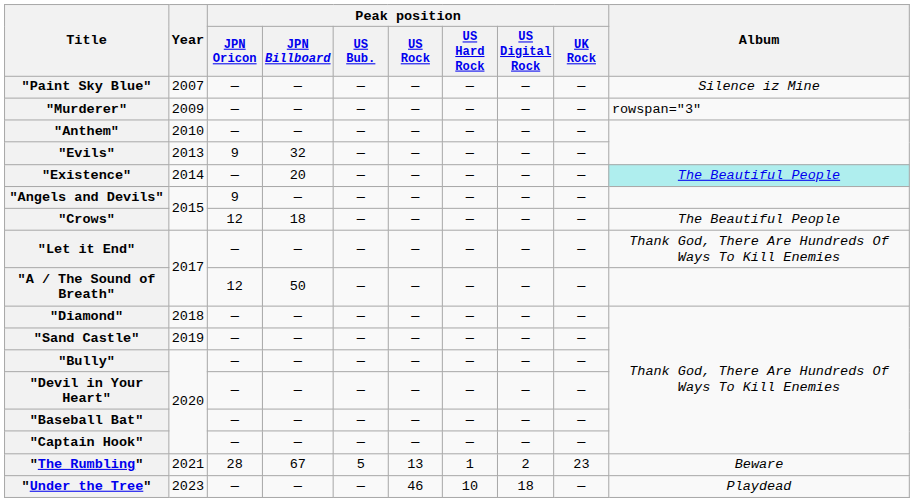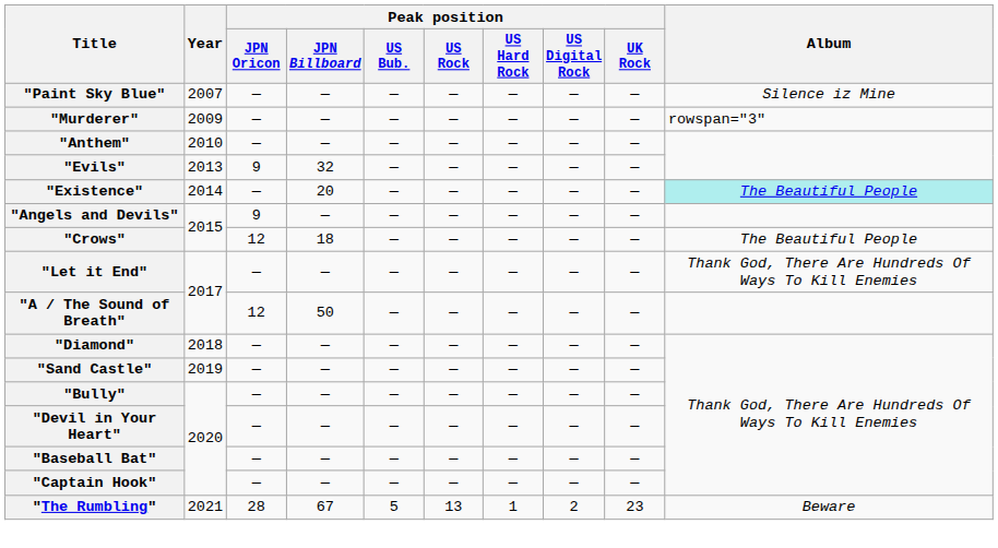 <table class="wikitable plainrowheaders">
 <tr>
 <th scope="col" rowspan="2">Title</th>
 <th scope="col" rowspan="2">Year</th>
 <th colspan="7">Peak position</th>
 <th scope="col" rowspan="2">Album</th>
 </tr>
 <tr>
 <th scope="col" style="width:4em;font-size:90%;"><a href='#'>JPN <br>Oricon</a><br></th>
 <th scope="col" style="width:4em;font-size:90%;"><a href='#'>JPN<br><em>Billboard</em></a><br></th>
 <th scope="col" style="width:4em;font-size:90%;"><a href='#'>US<br>Bub.</a><br></th>
 <th scope="col" style="width:4em;font-size:90%;"><a href='#'>US Rock</a><br></th>
 <th scope="col" style="width:4em;font-size:90%;"><a href='#'>US Hard Rock</a><br></th>
 <th scope="col" style="width:4em;font-size:90%;"><a href='#'>US Digital Rock</a><br></th>
 <th scope="col" style="width:4em;font-size:90%;"><a href='#'>UK Rock</a><br></th>
 </tr>
 <tr>
 <th scope="row">"Paint Sky Blue"</th>
 <td align="center">2007</td>
 <td align="center">—</td>
 <td align="center">—</td>
 <td align="center">—</td>
 <td align="center">—</td>
 <td align="center">—</td>
 <td align="center">—</td>
 <td align="center">—</td>
 <td rowspan="1" align="center"><em>Silence iz Mine</em></td>
 </tr>
 <tr>
 <th scope="row">"Murderer"</th>
 <td align="center">2009</td>
 <td align="center">—</td>
 <td align="center">—</td>
 <td align="center">—</td>
 <td align="center">—</td>
 <td align="center">—</td>
 <td align="center">—</td>
 <td align="center">—</td>
 <td>rowspan="3" </td>
 </tr>
 <tr>
 <th scope="row">"Anthem"</th>
 <td align="center">2010</td>
 <td align="center">—</td>
 <td align="center">—</td>
 <td align="center">—</td>
 <td align="center">—</td>
 <td align="center">—</td>
 <td align="center">—</td>
 <td align="center">—</td>
 </tr>
 <tr>
 <th scope="row">"Evils"</th>
 <td align="center">2013</td>
 <td align="center">9</td>
 <td align="center">32</td>
 <td align="center">—</td>
 <td align="center">—</td>
 <td align="center">—</td>
 <td align="center">—</td>
 <td align="center">—</td>
 </tr>
 <tr>
 <th scope="row">"Existence"</th>
 <td align="center">2014</td>
 <td align="center">—</td>
 <td align="center">20</td>
 <td align="center">—</td>
 <td align="center">—</td>
 <td align="center">—</td>
 <td align="center">—</td>
 <td align="center">—</td>
 <td rowspan="1" align="center" style="background: paleturquoise;"><em><a href='#'>The Beautiful People</a></em></td>
 </tr>
 <tr>
 <th scope="row">"Angels and Devils"</th>
 <td align="center" rowspan="2">2015</td>
 <td align="center">9</td>
 <td align="center">—</td>
 <td align="center">—</td>
 <td align="center">—</td>
 <td align="center">—</td>
 <td align="center">—</td>
 <td align="center">—</td>
 <td></td>
 </tr>
 <tr>
 <th scope="row">"Crows"</th>
 <td align="center">12</td>
 <td align="center">18</td>
 <td align="center">—</td>
 <td align="center">—</td>
 <td align="center">—</td>
 <td align="center">—</td>
 <td align="center">—</td>
 <td rowspan="1" align="center"><em>The Beautiful People</em></td>
 </tr>
 <tr>
 <th scope="row">"Let it End"</th>
 <td rowspan="2">2017</td>
 <td align="center">—</td>
 <td align="center">—</td>
 <td align="center">—</td>
 <td align="center">—</td>
 <td align="center">—</td>
 <td align="center">—</td>
 <td align="center">—</td>
 <td rowspan="1" align="center"><em>Thank God, There Are Hundreds Of Ways To Kill Enemies</em></td>
 </tr>
 <tr>
 <th scope="row">"A / The Sound of Breath"</th>
 <td align="center">12</td>
 <td align="center">50</td>
 <td align="center">—</td>
 <td align="center">—</td>
 <td align="center">—</td>
 <td align="center">—</td>
 <td align="center">—</td>
 <td></td>
 </tr>
 <tr>
 <th scope="row">"Diamond"</th>
 <td rowspan="1">2018</td>
 <td align="center">—</td>
 <td align="center">—</td>
 <td align="center">—</td>
 <td align="center">—</td>
 <td align="center">—</td>
 <td align="center">—</td>
 <td align="center">—</td>
 <td rowspan="6" align="center"><em>Thank God, There Are Hundreds Of Ways To Kill Enemies</em></td>
 </tr>
 <tr>
 <th scope="row">"Sand Castle"<br></th>
 <td rowspan="1">2019</td>
 <td align="center">—</td>
 <td align="center">—</td>
 <td align="center">—</td>
 <td align="center">—</td>
 <td align="center">—</td>
 <td align="center">—</td>
 <td align="center">—</td>
 </tr>
 <tr>
 <th scope="row">"Bully"</th>
 <td rowspan="4">2020</td>
 <td align="center">—</td>
 <td align="center">—</td>
 <td align="center">—</td>
 <td align="center">—</td>
 <td align="center">—</td>
 <td align="center">—</td>
 <td align="center">—</td>
 </tr>
 <tr>
 <th scope="row">"Devil in Your Heart"</th>
 <td align="center">—</td>
 <td align="center">—</td>
 <td align="center">—</td>
 <td align="center">—</td>
 <td align="center">—</td>
 <td align="center">—</td>
 <td align="center">—</td>
 </tr>
 <tr>
 <th scope="row">"Baseball Bat"</th>
 <td align="center">—</td>
 <td align="center">—</td>
 <td align="center">—</td>
 <td align="center">—</td>
 <td align="center">—</td>
 <td align="center">—</td>
 <td align="center">—</td>
 </tr>
 <tr>
 <th scope="row">"Captain Hook"</th>
 <td align="center">—</td>
 <td align="center">—</td>
 <td align="center">—</td>
 <td align="center">—</td>
 <td align="center">—</td>
 <td align="center">—</td>
 <td align="center">—</td>
 </tr>
 <tr>
 <th scope="row">"<a href='#'>The Rumbling</a>"</th>
 <td rowspan="1">2021</td>
 <td align="center">28</td>
 <td align="center">67</td>
 <td align="center">5</td>
 <td align="center">13</td>
 <td align="center">1</td>
 <td align="center">2</td>
 <td align="center">23</td>
 <td align="center"><em>Beware</em></td>
 </tr>
-<tr>
-<th scope="row">"<a href='#'>Under the Tree</a>"</th>
-<td rowspan="1">2023</td>
-<td align="center">—</td>
-<td align="center">—</td>
-<td align="center">—</td>
-<td align="center">46</td>
-<td align="center">10</td>
-<td align="center">18</td>
-<td align="center">—</td>
-<td align="center"><em>Playdead</em></td>
-</tr>
 </table>
